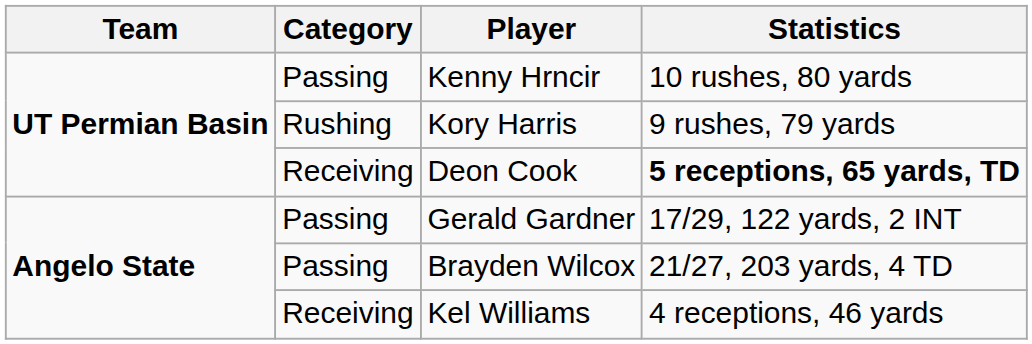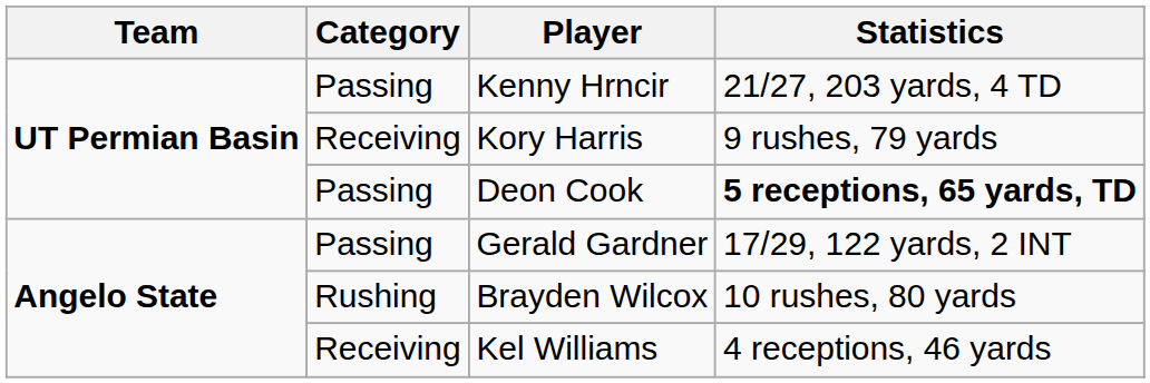 <table class="wikitable" style="float: right;">
 <tr>
 <th>Team</th>
 <th>Category</th>
 <th>Player</th>
 <th>Statistics</th>
 </tr>
 <tr>
 <td rowspan=3><strong>UT Permian Basin</strong></td>
 <td>Passing</td>
 <td>Kenny Hrncir</td>
-<td>10 rushes, 80 yards</td>
+<td>21/27, 203 yards, 4 TD</td>
 </tr>
 <tr>
-<td>Rushing</td>
+<td>Receiving</td>
 <td>Kory Harris</td>
 <td>9 rushes, 79 yards</td>
 </tr>
 <tr>
-<td>Receiving</td>
+<td>Passing</td>
 <td>Deon Cook</td>
 <td><strong>5 receptions, 65 yards, TD</strong></td>
 </tr>
 <tr>
 <td rowspan=3><strong>Angelo State</strong></td>
 <td>Passing</td>
 <td>Gerald Gardner</td>
 <td>17/29, 122 yards, 2 INT</td>
 </tr>
 <tr>
-<td>Passing</td>
+<td>Rushing</td>
 <td>Brayden Wilcox</td>
-<td>21/27, 203 yards, 4 TD</td>
+<td>10 rushes, 80 yards</td>
 </tr>
 <tr>
 <td>Receiving</td>
 <td>Kel Williams</td>
 <td>4 receptions, 46 yards</td>
 </tr>
 </table>
